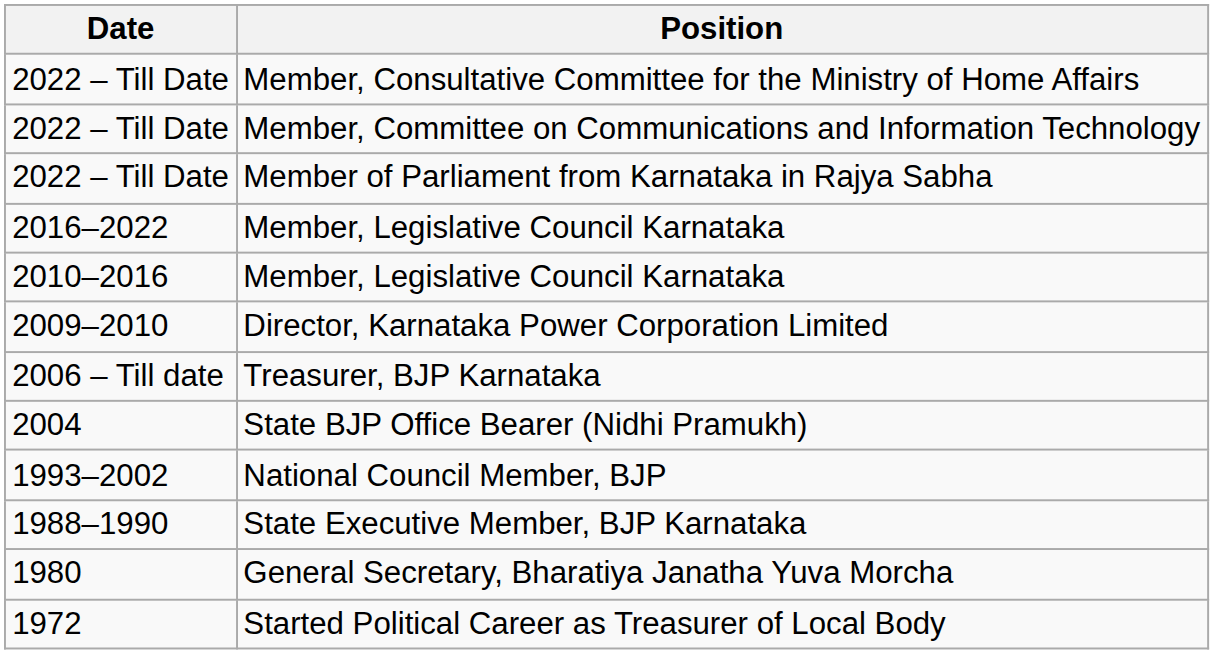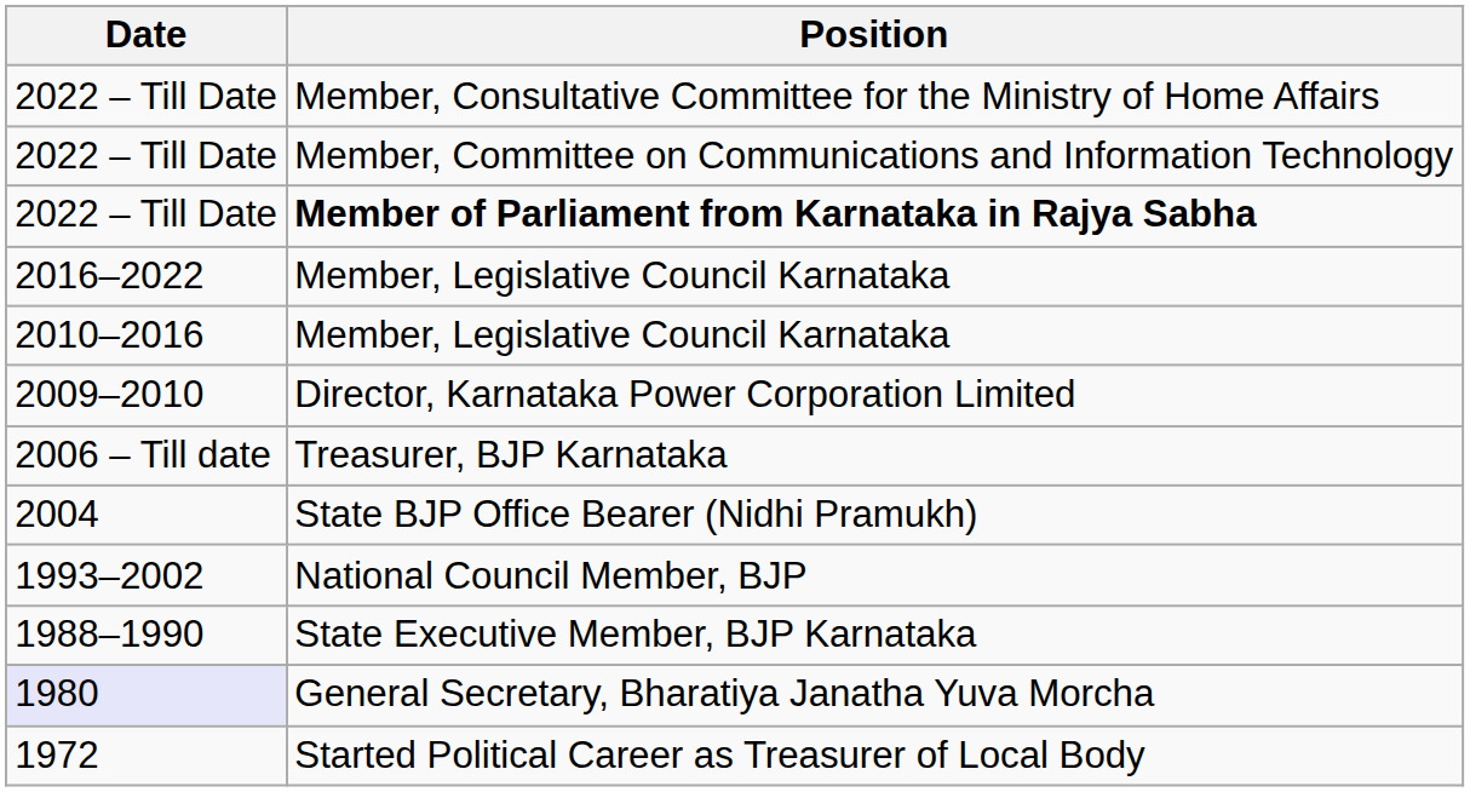 <table class="wikitable">
 <tr>
 <th>Date</th>
 <th>Position</th>
 </tr>
 <tr>
 <td>2022 – Till Date</td>
 <td>Member, Consultative Committee for the Ministry of Home Affairs</td>
 </tr>
 <tr>
 <td>2022 – Till Date</td>
 <td>Member, Committee on Communications and Information Technology</td>
 </tr>
 <tr>
 <td>2022 – Till Date</td>
-<td>Member of Parliament from Karnataka in Rajya Sabha</td>
+<td><strong>Member of Parliament from Karnataka in Rajya Sabha</strong></td>
 </tr>
 <tr>
 <td>2016–2022</td>
 <td>Member, Legislative Council Karnataka</td>
 </tr>
 <tr>
 <td>2010–2016</td>
 <td>Member, Legislative Council Karnataka</td>
 </tr>
 <tr>
 <td>2009–2010</td>
 <td>Director, Karnataka Power Corporation Limited</td>
 </tr>
 <tr>
 <td>2006 – Till date</td>
 <td>Treasurer, BJP Karnataka</td>
 </tr>
 <tr>
 <td>2004</td>
 <td>State BJP Office Bearer (Nidhi Pramukh)</td>
 </tr>
 <tr>
 <td>1993–2002</td>
 <td>National Council Member, BJP</td>
 </tr>
 <tr>
 <td>1988–1990</td>
 <td>State Executive Member, BJP Karnataka</td>
 </tr>
 <tr>
-<td>1980</td>
+<td style="background: lavender;">1980</td>
 <td>General Secretary, Bharatiya Janatha Yuva Morcha</td>
 </tr>
 <tr>
 <td>1972</td>
 <td>Started Political Career as Treasurer of Local Body</td>
 </tr>
 </table>
